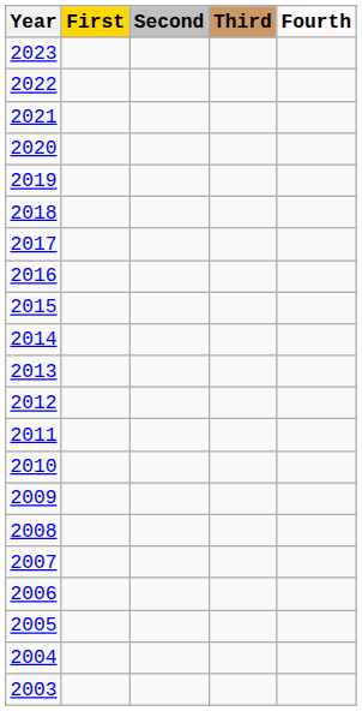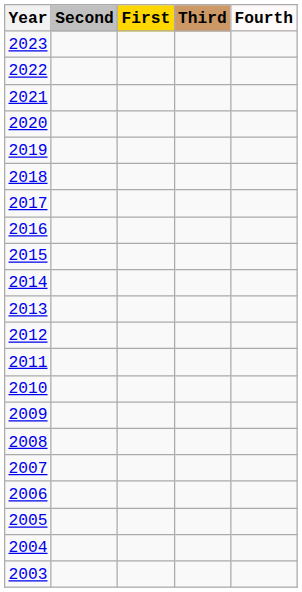 <table class="wikitable">
 <tr>
 <th>Year</th>
+<th style="background-color:silver;">Second</th>
 <th style="background-color:gold;">First</th>
-<th style="background-color:silver;">Second</th>
 <th style="background-color:#c96;">Third</th>
 <th style="background-color:snow">Fourth</th>
 </tr>
 <tr>
 <td><a href='#'>2023</a></td>
 <td></td>
 <td></td>
 <td></td>
 <td></td>
 </tr>
 <tr>
 <td><a href='#'>2022</a></td>
 <td></td>
 <td></td>
 <td></td>
 <td></td>
 </tr>
 <tr>
 <td><a href='#'>2021</a></td>
 <td></td>
 <td></td>
 <td></td>
 <td></td>
 </tr>
 <tr>
 <td><a href='#'>2020</a></td>
 <td></td>
 <td></td>
 <td></td>
 <td></td>
 </tr>
 <tr>
 <td><a href='#'>2019</a></td>
 <td></td>
 <td></td>
 <td></td>
 <td></td>
 </tr>
 <tr>
 <td><a href='#'>2018</a></td>
 <td></td>
 <td></td>
 <td></td>
 <td></td>
 </tr>
 <tr>
 <td><a href='#'>2017</a></td>
 <td></td>
 <td></td>
 <td></td>
 <td></td>
 </tr>
 <tr>
 <td><a href='#'>2016</a></td>
 <td></td>
 <td></td>
 <td></td>
 <td></td>
 </tr>
 <tr>
 <td><a href='#'>2015</a></td>
 <td></td>
 <td></td>
 <td></td>
 <td></td>
 </tr>
 <tr>
 <td><a href='#'>2014</a></td>
 <td></td>
 <td></td>
 <td></td>
 <td></td>
 </tr>
 <tr>
 <td><a href='#'>2013</a></td>
 <td></td>
 <td></td>
 <td></td>
 <td></td>
 </tr>
 <tr>
 <td><a href='#'>2012</a></td>
 <td></td>
 <td></td>
 <td></td>
 <td></td>
 </tr>
 <tr>
 <td><a href='#'>2011</a></td>
 <td></td>
 <td></td>
 <td></td>
 <td></td>
 </tr>
 <tr>
 <td><a href='#'>2010</a></td>
 <td></td>
 <td></td>
 <td></td>
 <td></td>
 </tr>
 <tr>
 <td><a href='#'>2009</a></td>
 <td></td>
 <td></td>
 <td></td>
 <td></td>
 </tr>
 <tr>
 <td><a href='#'>2008</a></td>
 <td></td>
 <td></td>
 <td></td>
 <td></td>
 </tr>
 <tr>
 <td><a href='#'>2007</a></td>
 <td></td>
 <td></td>
 <td></td>
 <td></td>
 </tr>
 <tr>
 <td><a href='#'>2006</a></td>
 <td></td>
 <td></td>
 <td></td>
 <td></td>
 </tr>
 <tr>
 <td><a href='#'>2005</a></td>
 <td></td>
 <td></td>
 <td></td>
 <td></td>
 </tr>
 <tr>
 <td><a href='#'>2004</a></td>
 <td></td>
 <td></td>
 <td></td>
 <td></td>
 </tr>
 <tr>
 <td><a href='#'>2003</a></td>
 <td></td>
 <td></td>
 <td></td>
 <td></td>
 </tr>
 </table>
